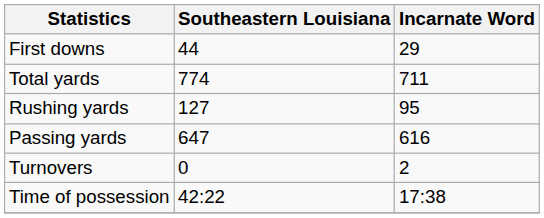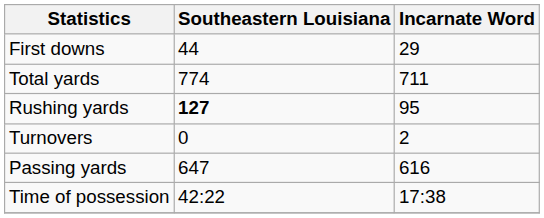 <table class="wikitable">
 <tr>
 <th>Statistics</th>
 <th>Southeastern Louisiana</th>
 <th>Incarnate Word</th>
 </tr>
 <tr>
 <td>First downs</td>
 <td>44</td>
 <td>29</td>
 </tr>
 <tr>
 <td>Total yards</td>
 <td>774</td>
 <td>711</td>
 </tr>
 <tr>
 <td>Rushing yards</td>
-<td>127</td>
+<td><strong>127</strong></td>
 <td>95</td>
+</tr>
+<tr>
+<td>Turnovers</td>
+<td>0</td>
+<td>2</td>
 </tr>
 <tr>
 <td>Passing yards</td>
 <td>647</td>
 <td>616</td>
-</tr>
-<tr>
-<td>Turnovers</td>
-<td>0</td>
-<td>2</td>
 </tr>
 <tr>
 <td>Time of possession</td>
 <td>42:22</td>
 <td>17:38</td>
 </tr>
 <tr>
 </tr>
 </table>
